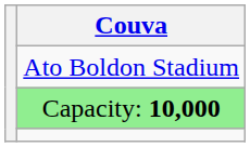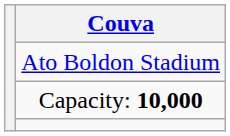 <table class="wikitable" style="text-align:center">
 <tr>
 <th rowspan="8"></th>
 <th><a href='#'>Couva</a></th>
 </tr>
 <tr>
 <td><a href='#'>Ato Boldon Stadium</a></td>
 </tr>
 <tr>
-<td style="background: lightgreen;">Capacity: <strong>10,000</strong></td>
+<td>Capacity: <strong>10,000</strong></td>
 </tr>
 <tr>
 <td></td>
 </tr>
 </table>
